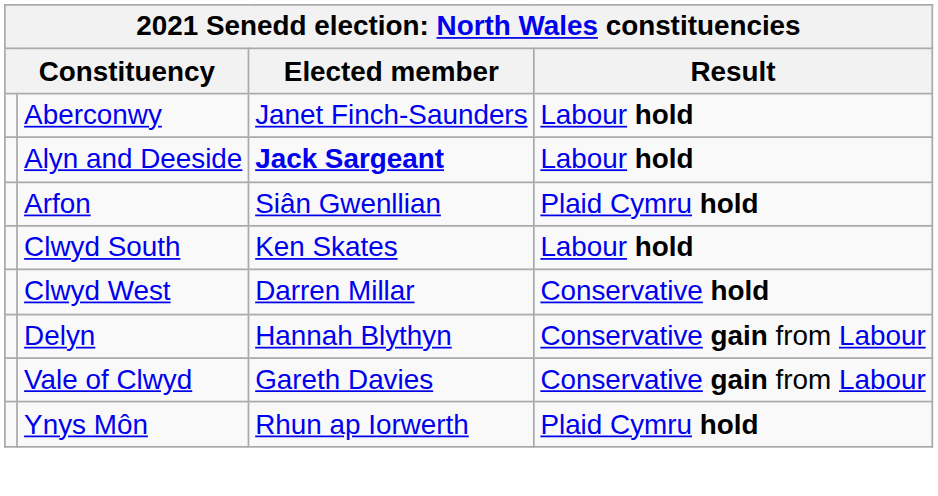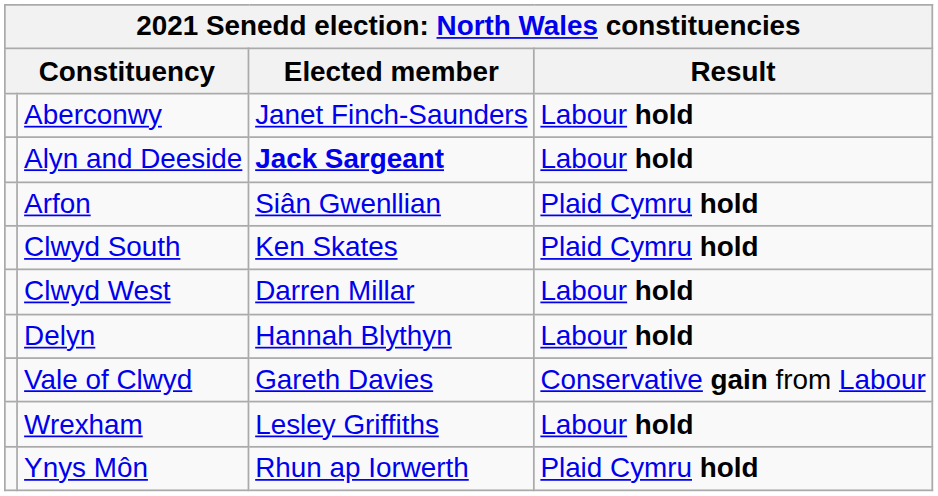 <table class="wikitable">
 <tr>
 <th colspan="4">2021 Senedd election: <a href='#'>North Wales</a> constituencies</th>
 </tr>
 <tr>
 <th colspan="2">Constituency</th>
 <th>Elected member</th>
 <th>Result</th>
 </tr>
 <tr>
 <td style="background-color: "></td>
 <td><a href='#'>Aberconwy</a></td>
 <td><a href='#'>Janet Finch-Saunders</a></td>
 <td><a href='#'>Labour</a> <strong>hold</strong></td>
 </tr>
 <tr>
 <td style="background-color: "></td>
 <td><a href='#'>Alyn and Deeside</a></td>
 <td><strong><a href='#'>Jack Sargeant</a></strong></td>
 <td><a href='#'>Labour</a> <strong>hold</strong></td>
 </tr>
 <tr>
 <td style="background-color: "></td>
 <td><a href='#'>Arfon</a></td>
 <td><a href='#'>Siân Gwenllian</a></td>
 <td><a href='#'>Plaid Cymru</a> <strong>hold</strong></td>
 </tr>
 <tr>
 <td style="background-color: "></td>
 <td><a href='#'>Clwyd South</a></td>
 <td><a href='#'>Ken Skates</a></td>
-<td><a href='#'>Labour</a> <strong>hold</strong></td>
+<td><a href='#'>Plaid Cymru</a> <strong>hold</strong></td>
 </tr>
 <tr>
 <td style="background-color: "></td>
 <td><a href='#'>Clwyd West</a></td>
 <td><a href='#'>Darren Millar</a></td>
-<td><a href='#'>Conservative</a> <strong>hold</strong></td>
+<td><a href='#'>Labour</a> <strong>hold</strong></td>
 </tr>
 <tr>
 <td style="background-color: "></td>
 <td><a href='#'>Delyn</a></td>
 <td><a href='#'>Hannah Blythyn</a></td>
-<td><a href='#'>Conservative</a> <strong>gain</strong> from <a href='#'>Labour</a></td>
+<td><a href='#'>Labour</a> <strong>hold</strong></td>
 </tr>
 <tr>
 <td style="background-color: "></td>
 <td><a href='#'>Vale of Clwyd</a></td>
 <td><a href='#'>Gareth Davies</a></td>
 <td><a href='#'>Conservative</a> <strong>gain</strong> from <a href='#'>Labour</a></td>
 </tr>
 <tr>
 <td style="background-color: "></td>
+<td><a href='#'>Wrexham</a></td>
+<td><a href='#'>Lesley Griffiths</a></td>
+<td><a href='#'>Labour</a> <strong>hold</strong></td>
+</tr>
+<tr>
+<td style="background-color: "></td>
 <td><a href='#'>Ynys Môn</a></td>
 <td><a href='#'>Rhun ap Iorwerth</a></td>
 <td><a href='#'>Plaid Cymru</a> <strong>hold</strong></td>
 </tr>
 </table>
